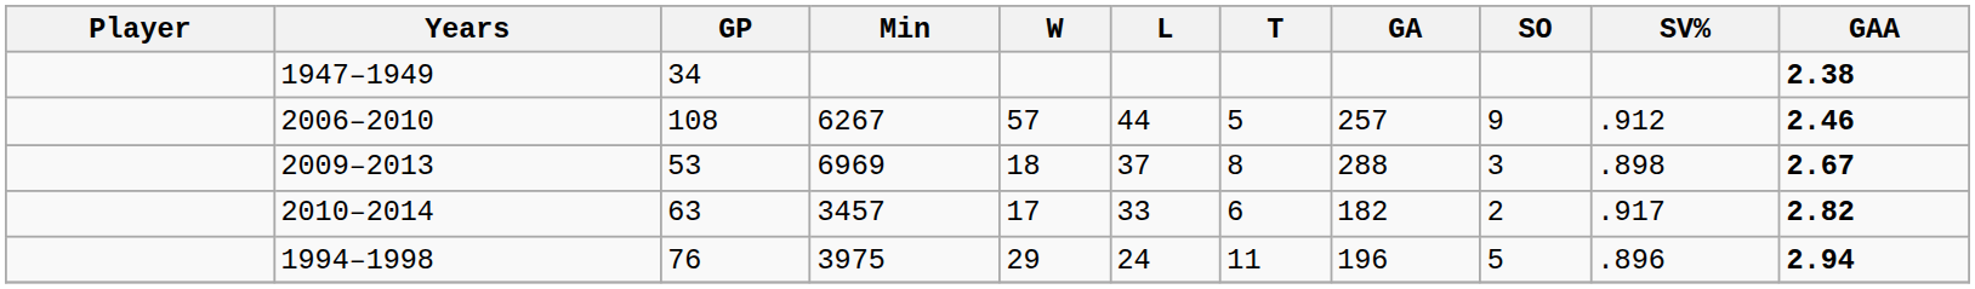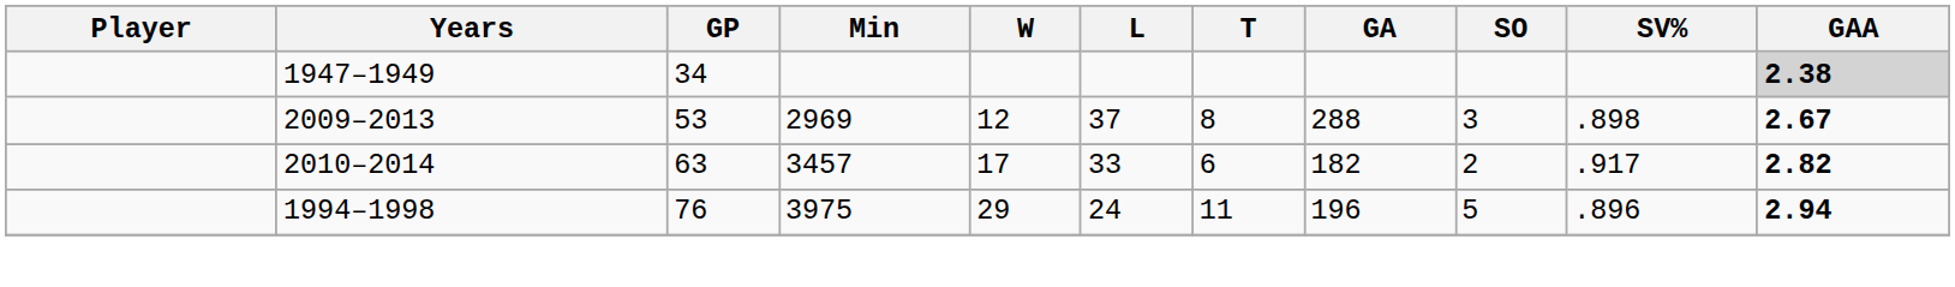 <table class="wikitable sortable" width = 900>
 <tr>
 <th>Player</th>
 <th>Years</th>
 <th>GP</th>
 <th>Min</th>
 <th>W</th>
 <th>L</th>
 <th>T</th>
 <th>GA</th>
 <th>SO</th>
 <th>SV%</th>
 <th>GAA</th>
 </tr>
 <tr>
 <td></td>
 <td>1947–1949</td>
 <td>34</td>
 <td></td>
 <td></td>
 <td></td>
 <td></td>
 <td></td>
 <td></td>
 <td></td>
-<td><strong>2.38</strong></td>
-</tr>
-<tr>
-<td></td>
-<td>2006–2010</td>
-<td>108</td>
-<td>6267</td>
-<td>57</td>
-<td>44</td>
-<td>5</td>
-<td>257</td>
-<td>9</td>
-<td>.912</td>
-<td><strong>2.46</strong></td>
+<td style="background: lightgrey;"><strong>2.38</strong></td>
 </tr>
 <tr>
 <td></td>
 <td>2009–2013</td>
 <td>53</td>
-<td>6969</td>
-<td>18</td>
+<td>2969</td>
+<td>12</td>
 <td>37</td>
 <td>8</td>
 <td>288</td>
 <td>3</td>
 <td>.898</td>
 <td><strong>2.67</strong></td>
 </tr>
 <tr>
 <td></td>
 <td>2010–2014</td>
 <td>63</td>
 <td>3457</td>
 <td>17</td>
 <td>33</td>
 <td>6</td>
 <td>182</td>
 <td>2</td>
 <td>.917</td>
 <td><strong>2.82</strong></td>
 </tr>
 <tr>
 <td></td>
 <td>1994–1998</td>
 <td>76</td>
 <td>3975</td>
 <td>29</td>
 <td>24</td>
 <td>11</td>
 <td>196</td>
 <td>5</td>
 <td>.896</td>
 <td><strong>2.94</strong></td>
 </tr>
 <tr>
 </tr>
 </table>
